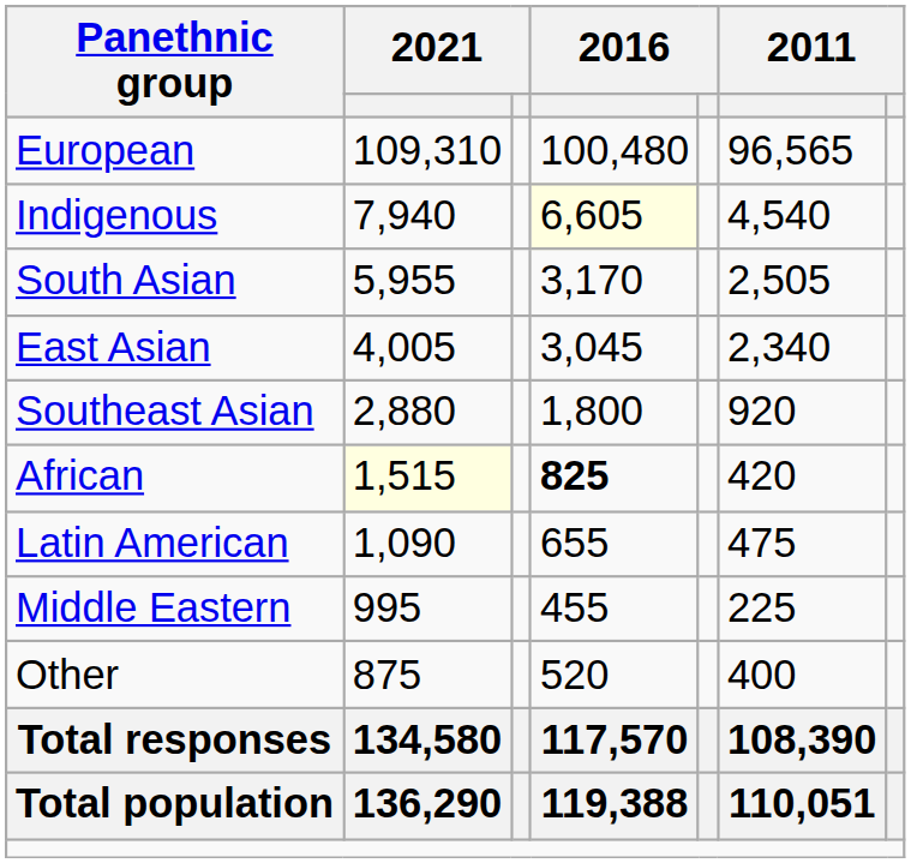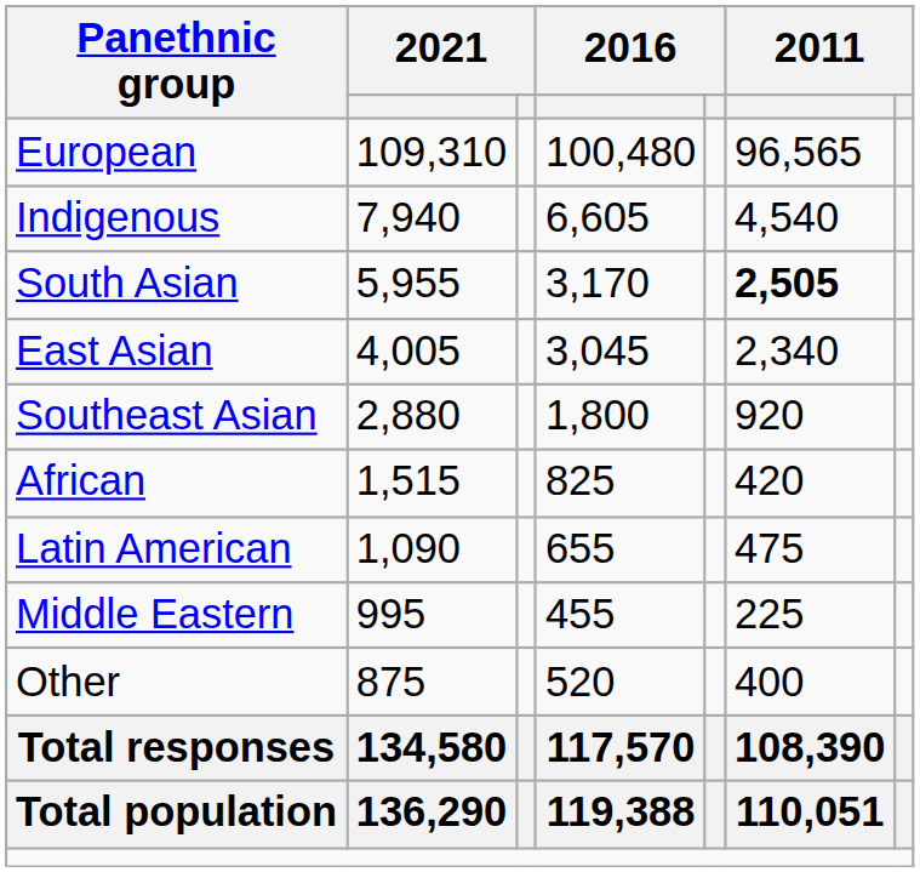 <table class="wikitable collapsible sortable">
 <tr>
 <th rowspan="2"><a href='#'>Panethnic</a><br>group</th>
 <th colspan="2">2021</th>
 <th colspan="2">2016</th>
 <th colspan="2">2011</th>
 </tr>
 <tr>
 <th><a href='#'></a></th>
 <th></th>
 <th></th>
 <th></th>
 <th></th>
 <th></th>
 </tr>
 <tr>
 <td><a href='#'>European</a></td>
 <td>109,310</td>
 <td></td>
 <td>100,480</td>
 <td></td>
 <td>96,565</td>
 <td></td>
 </tr>
 <tr>
 <td><a href='#'>Indigenous</a></td>
 <td>7,940</td>
 <td></td>
-<td style="background: lightyellow;">6,605</td>
+<td>6,605</td>
 <td></td>
 <td>4,540</td>
 <td></td>
 </tr>
 <tr>
 <td><a href='#'>South Asian</a></td>
 <td>5,955</td>
 <td></td>
 <td>3,170</td>
 <td></td>
-<td>2,505</td>
+<td><strong>2,505</strong></td>
 <td></td>
 </tr>
 <tr>
 <td><a href='#'>East Asian</a></td>
 <td>4,005</td>
 <td></td>
 <td>3,045</td>
 <td></td>
 <td>2,340</td>
 <td></td>
 </tr>
 <tr>
 <td><a href='#'>Southeast Asian</a></td>
 <td>2,880</td>
 <td></td>
 <td>1,800</td>
 <td></td>
 <td>920</td>
 <td></td>
 </tr>
 <tr>
 <td><a href='#'>African</a></td>
-<td style="background: lightyellow;">1,515</td>
+<td>1,515</td>
 <td></td>
-<td><strong>825</strong></td>
+<td>825</td>
 <td></td>
 <td>420</td>
 <td></td>
 </tr>
 <tr>
 <td><a href='#'>Latin American</a></td>
 <td>1,090</td>
 <td></td>
 <td>655</td>
 <td></td>
 <td>475</td>
 <td></td>
 </tr>
 <tr>
 <td><a href='#'>Middle Eastern</a></td>
 <td>995</td>
 <td></td>
 <td>455</td>
 <td></td>
 <td>225</td>
 <td></td>
 </tr>
 <tr>
 <td>Other</td>
 <td>875</td>
 <td></td>
 <td>520</td>
 <td></td>
 <td>400</td>
 <td></td>
 </tr>
 <tr>
 <th>Total responses</th>
 <th>134,580</th>
 <th></th>
 <th>117,570</th>
 <th></th>
 <th>108,390</th>
 <th></th>
 </tr>
 <tr>
 <th>Total population</th>
 <th>136,290</th>
 <th></th>
 <th>119,388</th>
 <th></th>
 <th>110,051</th>
 <th></th>
 </tr>
 <tr class="sortbottom">
 <td colspan="15"></td>
 </tr>
 </table>
